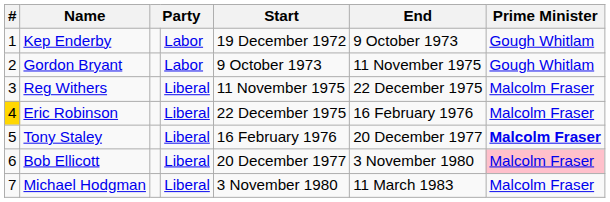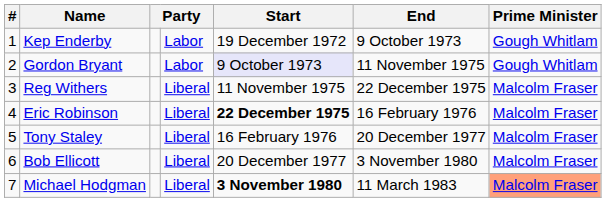 <table class=wikitable>
 <tr>
 <th>#</th>
 <th>Name</th>
 <th colspan=2>Party</th>
 <th>Start</th>
 <th>End</th>
 <th>Prime Minister</th>
 </tr>
 <tr>
 <td>1</td>
 <td><a href='#'>Kep Enderby</a></td>
 <td> </td>
 <td><a href='#'>Labor</a></td>
 <td>19 December 1972</td>
 <td>9 October 1973</td>
 <td><a href='#'>Gough Whitlam</a></td>
 </tr>
 <tr>
 <td>2</td>
 <td><a href='#'>Gordon Bryant</a></td>
 <td> </td>
 <td><a href='#'>Labor</a></td>
-<td>9 October 1973</td>
+<td style="background: lavender;">9 October 1973</td>
 <td>11 November 1975</td>
 <td><a href='#'>Gough Whitlam</a></td>
 </tr>
 <tr>
 <td>3</td>
 <td><a href='#'>Reg Withers</a></td>
 <td> </td>
 <td><a href='#'>Liberal</a></td>
 <td>11 November 1975</td>
 <td>22 December 1975</td>
 <td><a href='#'>Malcolm Fraser</a></td>
 </tr>
 <tr>
-<td style="background: gold;">4</td>
+<td>4</td>
 <td><a href='#'>Eric Robinson</a></td>
 <td> </td>
 <td><a href='#'>Liberal</a></td>
-<td>22 December 1975</td>
+<td><strong>22 December 1975</strong></td>
 <td>16 February 1976</td>
 <td><a href='#'>Malcolm Fraser</a></td>
 </tr>
 <tr>
 <td>5</td>
 <td><a href='#'>Tony Staley</a></td>
 <td> </td>
 <td><a href='#'>Liberal</a></td>
 <td>16 February 1976</td>
 <td>20 December 1977</td>
-<td><strong><a href='#'>Malcolm Fraser</a></strong></td>
+<td><a href='#'>Malcolm Fraser</a></td>
 </tr>
 <tr>
 <td>6</td>
 <td><a href='#'>Bob Ellicott</a></td>
 <td> </td>
 <td><a href='#'>Liberal</a></td>
 <td>20 December 1977</td>
 <td>3 November 1980</td>
-<td style="background: pink;"><a href='#'>Malcolm Fraser</a></td>
+<td><a href='#'>Malcolm Fraser</a></td>
 </tr>
 <tr>
 <td>7</td>
 <td><a href='#'>Michael Hodgman</a></td>
 <td> </td>
 <td><a href='#'>Liberal</a></td>
-<td>3 November 1980</td>
+<td><strong>3 November 1980</strong></td>
 <td>11 March 1983</td>
-<td><a href='#'>Malcolm Fraser</a></td>
+<td style="background: lightsalmon;"><a href='#'>Malcolm Fraser</a></td>
 </tr>
 </table>
